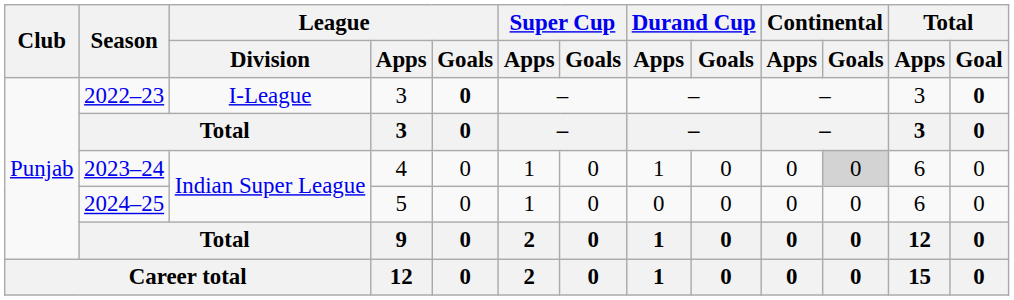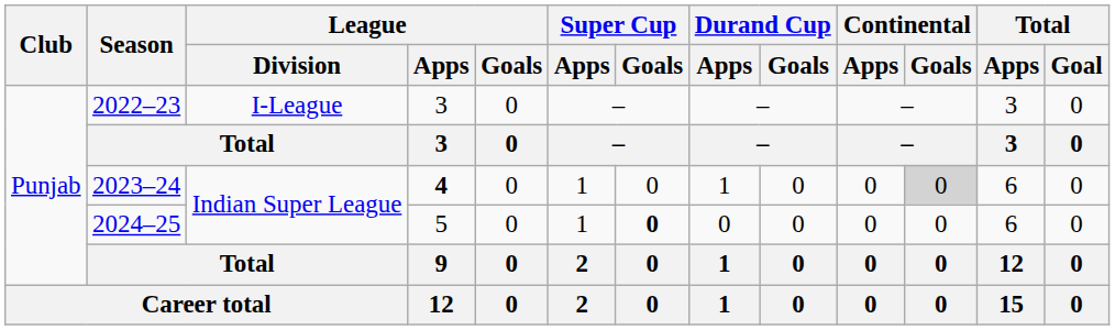 <table class="wikitable" style="text-align:center">
 <tr>
 <th rowspan="2">Club</th>
 <th rowspan="2">Season</th>
 <th colspan="3">League</th>
 <th colspan="2"><a href='#'>Super Cup</a></th>
 <th colspan="2"><a href='#'>Durand Cup</a></th>
 <th colspan="2">Continental</th>
 <th colspan="2">Total</th>
 </tr>
 <tr>
 <th>Division</th>
 <th>Apps</th>
 <th>Goals</th>
 <th>Apps</th>
 <th>Goals</th>
 <th>Apps</th>
 <th>Goals</th>
 <th>Apps</th>
 <th>Goals</th>
 <th>Apps</th>
 <th>Goal</th>
 </tr>
 <tr>
 <td rowspan="5"><a href='#'>Punjab</a></td>
 <td><a href='#'>2022–23</a></td>
 <td><a href='#'>I-League</a></td>
 <td>3</td>
-<td><strong>0</strong></td>
+<td>0</td>
 <td colspan="2">–</td>
 <td colspan="2">–</td>
 <td colspan="2">–</td>
 <td>3</td>
-<td><strong>0</strong></td>
+<td>0</td>
 </tr>
 <tr>
 <th colspan="2">Total</th>
 <th>3</th>
 <th>0</th>
 <th colspan="2">–</th>
 <th colspan="2">–</th>
 <th colspan="2">–</th>
 <th>3</th>
 <th>0</th>
 </tr>
 <tr>
 <td><a href='#'>2023–24</a></td>
 <td rowspan="2"><a href='#'>Indian Super League</a></td>
-<td>4</td>
+<td><strong>4</strong></td>
 <td>0</td>
 <td>1</td>
 <td>0</td>
 <td>1</td>
 <td>0</td>
 <td>0</td>
 <td style="background: lightgrey;">0</td>
 <td>6</td>
 <td>0</td>
 </tr>
 <tr>
 <td><a href='#'>2024–25</a></td>
 <td>5</td>
 <td>0</td>
 <td>1</td>
-<td>0</td>
+<td><strong>0</strong></td>
 <td>0</td>
 <td>0</td>
 <td>0</td>
 <td>0</td>
 <td>6</td>
 <td>0</td>
 </tr>
 <tr>
 <th colspan="2">Total</th>
 <th>9</th>
 <th>0</th>
 <th>2</th>
 <th>0</th>
 <th>1</th>
 <th>0</th>
 <th>0</th>
 <th>0</th>
 <th>12</th>
 <th>0</th>
 </tr>
 <tr>
 <th colspan="3">Career total</th>
 <th>12</th>
 <th>0</th>
 <th>2</th>
 <th>0</th>
 <th>1</th>
 <th>0</th>
 <th>0</th>
 <th>0</th>
 <th>15</th>
 <th>0</th>
 </tr>
 </table>
